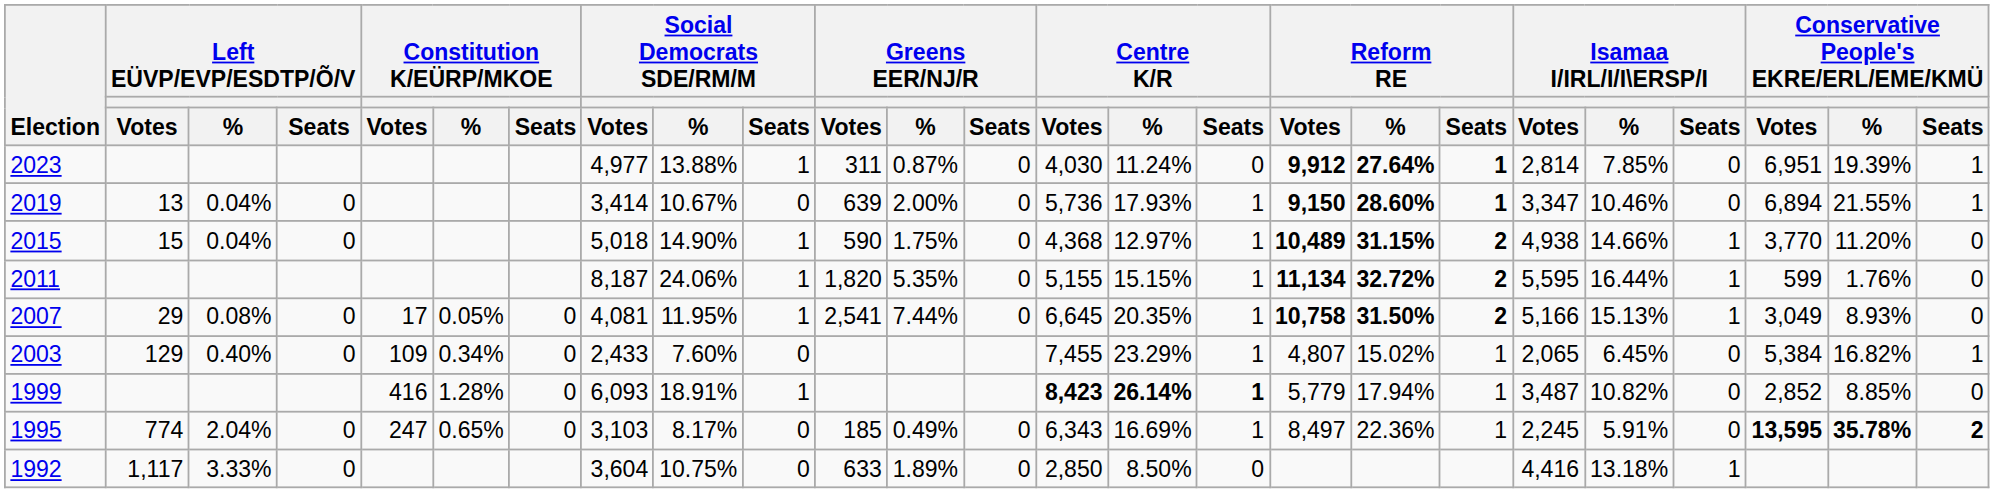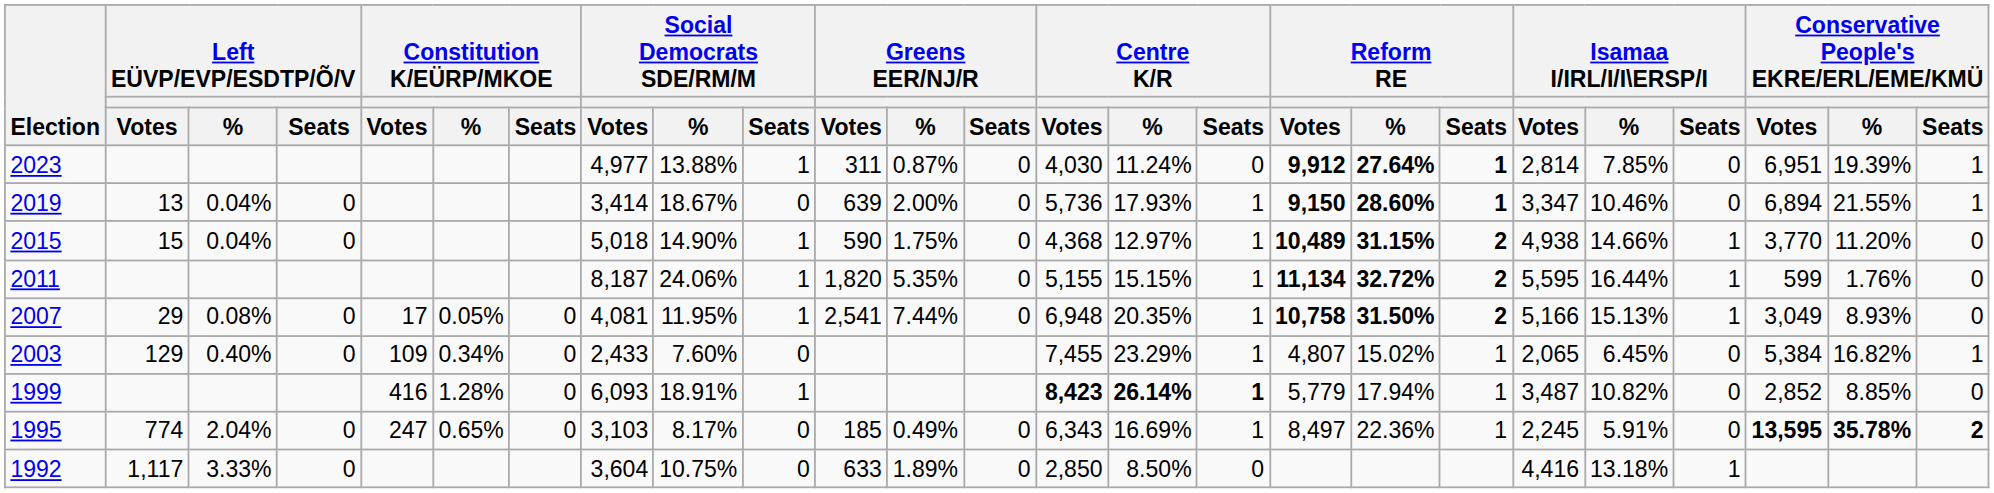 <table class="wikitable" border="1" style="font-size:80%; text-align:right;">
 <tr>
 <th style="text-align:left;" valign=bottom rowspan=3>Election</th>
 <th valign=bottom colspan=3><a href='#'>Left</a><br>EÜVP/EVP/ESDTP/Õ/V</th>
 <th valign=bottom colspan=3><a href='#'>Constitution</a><br>K/EÜRP/MKOE</th>
 <th valign=bottom colspan=3><a href='#'>Social<br>Democrats</a><br>SDE/RM/M</th>
 <th valign=bottom colspan=3><a href='#'>Greens</a><br>EER/NJ/R</th>
 <th valign=bottom colspan=3><a href='#'>Centre</a><br>K/R</th>
 <th valign=bottom colspan=3><a href='#'>Reform</a><br>RE</th>
 <th valign=bottom colspan=3><a href='#'>Isamaa</a><br>I/IRL/I/I\ERSP/I</th>
 <th valign=bottom colspan=3><a href='#'>Conservative<br>People's</a><br>EKRE/ERL/EME/KMÜ</th>
 </tr>
 <tr>
 <th colspan=3 style="background:"></th>
 <th colspan=3 style="background:"></th>
 <th colspan=3 style="background:"></th>
 <th colspan=3 style="background:"></th>
 <th colspan=3 style="background:"></th>
 <th colspan=3 style="background:"></th>
 <th colspan=3 style="background:"></th>
 <th colspan=3 style="background:"></th>
 </tr>
 <tr>
 <th>Votes</th>
 <th>%</th>
 <th>Seats</th>
 <th>Votes</th>
 <th>%</th>
 <th>Seats</th>
 <th>Votes</th>
 <th>%</th>
 <th>Seats</th>
 <th>Votes</th>
 <th>%</th>
 <th>Seats</th>
 <th>Votes</th>
 <th>%</th>
 <th>Seats</th>
 <th>Votes</th>
 <th>%</th>
 <th>Seats</th>
 <th>Votes</th>
 <th>%</th>
 <th>Seats</th>
 <th>Votes</th>
 <th>%</th>
 <th>Seats</th>
 </tr>
 <tr>
 <td align=left><a href='#'>2023</a></td>
 <td></td>
 <td></td>
 <td></td>
 <td></td>
 <td></td>
 <td></td>
 <td>4,977</td>
 <td>13.88%</td>
 <td>1</td>
 <td>311</td>
 <td>0.87%</td>
 <td>0</td>
 <td>4,030</td>
 <td>11.24%</td>
 <td>0</td>
 <td><strong>9,912</strong></td>
 <td><strong>27.64%</strong></td>
 <td><strong>1</strong></td>
 <td>2,814</td>
 <td>7.85%</td>
 <td>0</td>
 <td>6,951</td>
 <td>19.39%</td>
 <td>1</td>
 </tr>
 <tr>
 <td align=left><a href='#'>2019</a></td>
 <td>13</td>
 <td>0.04%</td>
 <td>0</td>
 <td></td>
 <td></td>
 <td></td>
 <td>3,414</td>
-<td>10.67%</td>
+<td>18.67%</td>
 <td>0</td>
 <td>639</td>
 <td>2.00%</td>
 <td>0</td>
 <td>5,736</td>
 <td>17.93%</td>
 <td>1</td>
 <td><strong>9,150</strong></td>
 <td><strong>28.60%</strong></td>
 <td><strong>1</strong></td>
 <td>3,347</td>
 <td>10.46%</td>
 <td>0</td>
 <td>6,894</td>
 <td>21.55%</td>
 <td>1</td>
 </tr>
 <tr>
 <td align=left><a href='#'>2015</a></td>
 <td>15</td>
 <td>0.04%</td>
 <td>0</td>
 <td></td>
 <td></td>
 <td></td>
 <td>5,018</td>
 <td>14.90%</td>
 <td>1</td>
 <td>590</td>
 <td>1.75%</td>
 <td>0</td>
 <td>4,368</td>
 <td>12.97%</td>
 <td>1</td>
 <td><strong>10,489</strong></td>
 <td><strong>31.15%</strong></td>
 <td><strong>2</strong></td>
 <td>4,938</td>
 <td>14.66%</td>
 <td>1</td>
 <td>3,770</td>
 <td>11.20%</td>
 <td>0</td>
 </tr>
 <tr>
 <td align=left><a href='#'>2011</a></td>
 <td></td>
 <td></td>
 <td></td>
 <td></td>
 <td></td>
 <td></td>
 <td>8,187</td>
 <td>24.06%</td>
 <td>1</td>
 <td>1,820</td>
 <td>5.35%</td>
 <td>0</td>
 <td>5,155</td>
 <td>15.15%</td>
 <td>1</td>
 <td><strong>11,134</strong></td>
 <td><strong>32.72%</strong></td>
 <td><strong>2</strong></td>
 <td>5,595</td>
 <td>16.44%</td>
 <td>1</td>
 <td>599</td>
 <td>1.76%</td>
 <td>0</td>
 </tr>
 <tr>
 <td align=left><a href='#'>2007</a></td>
 <td>29</td>
 <td>0.08%</td>
 <td>0</td>
 <td>17</td>
 <td>0.05%</td>
 <td>0</td>
 <td>4,081</td>
 <td>11.95%</td>
 <td>1</td>
 <td>2,541</td>
 <td>7.44%</td>
 <td>0</td>
-<td>6,645</td>
+<td>6,948</td>
 <td>20.35%</td>
 <td>1</td>
 <td><strong>10,758</strong></td>
 <td><strong>31.50%</strong></td>
 <td><strong>2</strong></td>
 <td>5,166</td>
 <td>15.13%</td>
 <td>1</td>
 <td>3,049</td>
 <td>8.93%</td>
 <td>0</td>
 </tr>
 <tr>
 <td align=left><a href='#'>2003</a></td>
 <td>129</td>
 <td>0.40%</td>
 <td>0</td>
 <td>109</td>
 <td>0.34%</td>
 <td>0</td>
 <td>2,433</td>
 <td>7.60%</td>
 <td>0</td>
 <td></td>
 <td></td>
 <td></td>
 <td>7,455</td>
 <td>23.29%</td>
 <td>1</td>
 <td>4,807</td>
 <td>15.02%</td>
 <td>1</td>
 <td>2,065</td>
 <td>6.45%</td>
 <td>0</td>
 <td>5,384</td>
 <td>16.82%</td>
 <td>1</td>
 </tr>
 <tr>
 <td align=left><a href='#'>1999</a></td>
 <td></td>
 <td></td>
 <td></td>
 <td>416</td>
 <td>1.28%</td>
 <td>0</td>
 <td>6,093</td>
 <td>18.91%</td>
 <td>1</td>
 <td></td>
 <td></td>
 <td></td>
 <td><strong>8,423</strong></td>
 <td><strong>26.14%</strong></td>
 <td><strong>1</strong></td>
 <td>5,779</td>
 <td>17.94%</td>
 <td>1</td>
 <td>3,487</td>
 <td>10.82%</td>
 <td>0</td>
 <td>2,852</td>
 <td>8.85%</td>
 <td>0</td>
 </tr>
 <tr>
 <td align=left><a href='#'>1995</a></td>
 <td>774</td>
 <td>2.04%</td>
 <td>0</td>
 <td>247</td>
 <td>0.65%</td>
 <td>0</td>
 <td>3,103</td>
 <td>8.17%</td>
 <td>0</td>
 <td>185</td>
 <td>0.49%</td>
 <td>0</td>
 <td>6,343</td>
 <td>16.69%</td>
 <td>1</td>
 <td>8,497</td>
 <td>22.36%</td>
 <td>1</td>
 <td>2,245</td>
 <td>5.91%</td>
 <td>0</td>
 <td><strong>13,595</strong></td>
 <td><strong>35.78%</strong></td>
 <td><strong>2</strong></td>
 </tr>
 <tr>
 <td align=left><a href='#'>1992</a></td>
 <td>1,117</td>
 <td>3.33%</td>
 <td>0</td>
 <td></td>
 <td></td>
 <td></td>
 <td>3,604</td>
 <td>10.75%</td>
 <td>0</td>
 <td>633</td>
 <td>1.89%</td>
 <td>0</td>
 <td>2,850</td>
 <td>8.50%</td>
 <td>0</td>
 <td></td>
 <td></td>
 <td></td>
 <td>4,416</td>
 <td>13.18%</td>
 <td>1</td>
 <td></td>
 <td></td>
 <td></td>
 </tr>
 </table>
